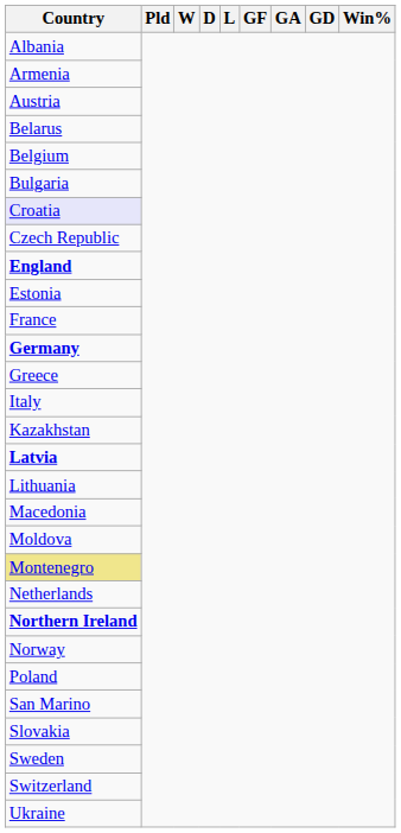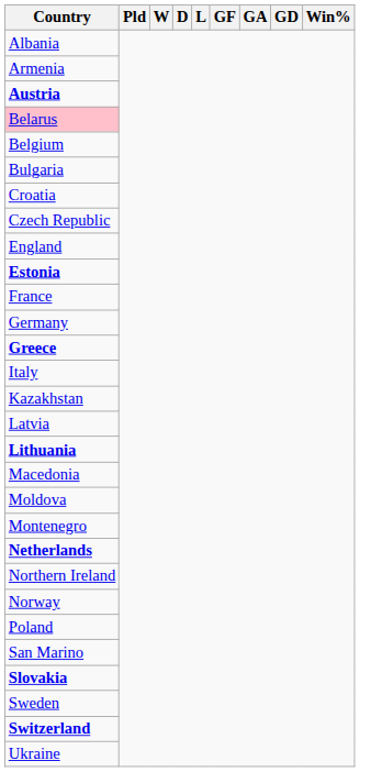 <table class="wikitable sortable" style="text-align:center">
 <tr>
 <th>Country</th>
 <th>Pld</th>
 <th>W</th>
 <th>D</th>
 <th>L</th>
 <th>GF</th>
 <th>GA</th>
 <th>GD</th>
 <th>Win%</th>
 </tr>
 <tr>
 <td align=left> <a href='#'>Albania</a><br></td>
 </tr>
 <tr>
 <td align=left> <a href='#'>Armenia</a><br></td>
 </tr>
 <tr>
-<td align=left> <a href='#'>Austria</a><br></td>
+<td align=left><strong> <a href='#'>Austria</a><br></strong></td>
 </tr>
 <tr>
-<td align=left> <a href='#'>Belarus</a><br></td>
+<td align=left style="background: pink;"> <a href='#'>Belarus</a><br></td>
 </tr>
 <tr>
 <td align=left> <a href='#'>Belgium</a><br></td>
 </tr>
 <tr>
 <td align=left> <a href='#'>Bulgaria</a><br></td>
 </tr>
 <tr>
-<td align=left style="background: lavender;"> <a href='#'>Croatia</a><br></td>
+<td align=left> <a href='#'>Croatia</a><br></td>
 </tr>
 <tr>
 <td align=left> <a href='#'>Czech Republic</a><br></td>
 </tr>
 <tr>
-<td align=left><strong> <a href='#'>England</a><br></strong></td>
+<td align=left> <a href='#'>England</a><br></td>
 </tr>
 <tr>
-<td align=left> <a href='#'>Estonia</a><br></td>
+<td align=left><strong> <a href='#'>Estonia</a><br></strong></td>
 </tr>
 <tr>
 <td align=left> <a href='#'>France</a><br></td>
 </tr>
 <tr>
-<td align=left><strong> <a href='#'>Germany</a><br></strong></td>
+<td align=left> <a href='#'>Germany</a><br></td>
 </tr>
 <tr>
-<td align=left> <a href='#'>Greece</a><br></td>
+<td align=left><strong> <a href='#'>Greece</a><br></strong></td>
 </tr>
 <tr>
 <td align=left> <a href='#'>Italy</a><br></td>
 </tr>
 <tr>
 <td align=left> <a href='#'>Kazakhstan</a><br></td>
 </tr>
 <tr>
-<td align=left><strong> <a href='#'>Latvia</a><br></strong></td>
+<td align=left> <a href='#'>Latvia</a><br></td>
 </tr>
 <tr>
-<td align=left> <a href='#'>Lithuania</a><br></td>
+<td align=left><strong> <a href='#'>Lithuania</a><br></strong></td>
 </tr>
 <tr>
 <td align=left> <a href='#'>Macedonia</a><br></td>
 </tr>
 <tr>
 <td align=left> <a href='#'>Moldova</a><br></td>
 </tr>
 <tr>
-<td align=left style="background: khaki;"> <a href='#'>Montenegro</a><br></td>
+<td align=left> <a href='#'>Montenegro</a><br></td>
 </tr>
 <tr>
-<td align=left> <a href='#'>Netherlands</a><br></td>
+<td align=left><strong> <a href='#'>Netherlands</a><br></strong></td>
 </tr>
 <tr>
-<td align=left><strong> <a href='#'>Northern Ireland</a><br></strong></td>
+<td align=left> <a href='#'>Northern Ireland</a><br></td>
 </tr>
 <tr>
 <td align=left> <a href='#'>Norway</a><br></td>
 </tr>
 <tr>
 <td align=left> <a href='#'>Poland</a><br></td>
 </tr>
 <tr>
 <td align=left> <a href='#'>San Marino</a><br></td>
 </tr>
 <tr>
-<td align=left> <a href='#'>Slovakia</a><br></td>
+<td align=left><strong> <a href='#'>Slovakia</a><br></strong></td>
 </tr>
 <tr>
 <td align=left> <a href='#'>Sweden</a><br></td>
 </tr>
 <tr>
-<td align=left> <a href='#'>Switzerland</a><br></td>
+<td align=left><strong> <a href='#'>Switzerland</a><br></strong></td>
 </tr>
 <tr>
 <td align=left> <a href='#'>Ukraine</a><br></td>
 </tr>
 </table>
